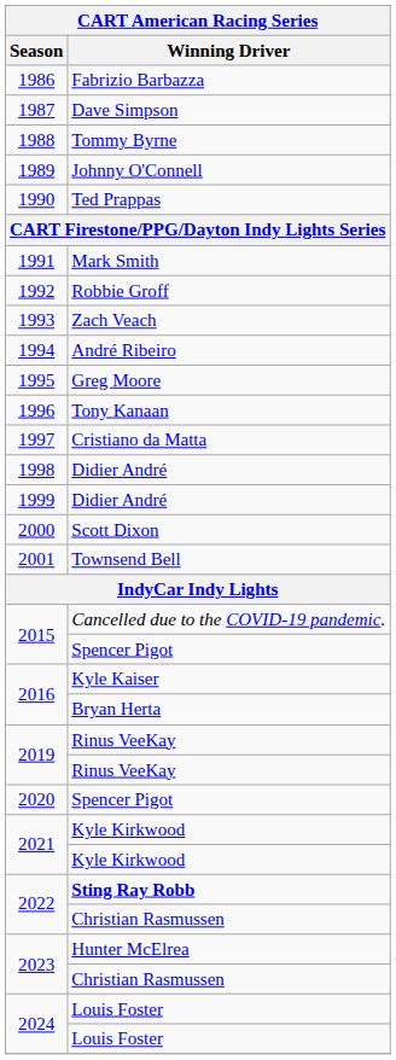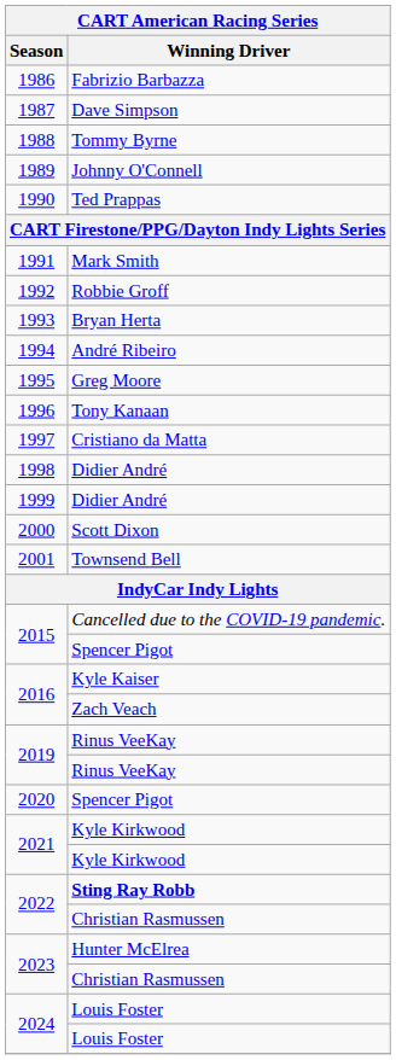 <table class="wikitable" style="font-size: 95%;">
 <tr>
 <th colspan=2><a href='#'>CART American Racing Series</a></th>
 </tr>
 <tr>
 <th>Season</th>
 <th>Winning Driver</th>
 </tr>
 <tr>
 <td style="text-align:center;"><a href='#'>1986</a></td>
 <td> <a href='#'>Fabrizio Barbazza</a></td>
 </tr>
 <tr>
 <td style="text-align:center;"><a href='#'>1987</a></td>
 <td> <a href='#'>Dave Simpson</a></td>
 </tr>
 <tr>
 <td style="text-align:center;"><a href='#'>1988</a></td>
 <td> <a href='#'>Tommy Byrne</a></td>
 </tr>
 <tr>
 <td align=center><a href='#'>1989</a></td>
 <td> <a href='#'>Johnny O'Connell</a></td>
 </tr>
 <tr>
 <td style="text-align:center;"><a href='#'>1990</a></td>
 <td> <a href='#'>Ted Prappas</a></td>
 </tr>
 <tr>
 <th colspan=2><a href='#'>CART Firestone/PPG/Dayton Indy Lights Series</a></th>
 </tr>
 <tr>
 <td style="text-align:center;"><a href='#'>1991</a></td>
 <td> <a href='#'>Mark Smith</a></td>
 </tr>
 <tr>
 <td style="text-align:center;"><a href='#'>1992</a></td>
 <td> <a href='#'>Robbie Groff</a></td>
 </tr>
 <tr>
 <td style="text-align:center;"><a href='#'>1993</a></td>
-<td> <a href='#'>Zach Veach</a></td>
+<td> <a href='#'>Bryan Herta</a></td>
 </tr>
 <tr>
 <td style="text-align:center;"><a href='#'>1994</a></td>
 <td> <a href='#'>André Ribeiro</a></td>
 </tr>
 <tr>
 <td style="text-align:center;"><a href='#'>1995</a></td>
 <td> <a href='#'>Greg Moore</a></td>
 </tr>
 <tr>
 <td style="text-align:center;"><a href='#'>1996</a></td>
 <td> <a href='#'>Tony Kanaan</a></td>
 </tr>
 <tr>
 <td style="text-align:center;"><a href='#'>1997</a></td>
 <td> <a href='#'>Cristiano da Matta</a></td>
 </tr>
 <tr>
 <td style="text-align:center;"><a href='#'>1998</a></td>
 <td> <a href='#'>Didier André</a></td>
 </tr>
 <tr>
 <td style="text-align:center;"><a href='#'>1999</a></td>
 <td> <a href='#'>Didier André</a></td>
 </tr>
 <tr>
 <td style="text-align:center;"><a href='#'>2000</a></td>
 <td> <a href='#'>Scott Dixon</a></td>
 </tr>
 <tr>
 <td style="text-align:center;"><a href='#'>2001</a></td>
 <td> <a href='#'>Townsend Bell</a></td>
 </tr>
 <tr>
 <th colspan=2><a href='#'>IndyCar Indy Lights</a></th>
 </tr>
 <tr>
 <td style="text-align:center;" rowspan=2><a href='#'>2015</a></td>
 <td style="text-align:center;"><em>Cancelled due to the <a href='#'>COVID-19 pandemic</a>.</em></td>
 </tr>
 <tr>
 <td> <a href='#'>Spencer Pigot</a></td>
 </tr>
 <tr>
 <td style="text-align:center;" rowspan=2><a href='#'>2016</a></td>
 <td> <a href='#'>Kyle Kaiser</a></td>
 </tr>
 <tr>
-<td> <a href='#'>Bryan Herta</a></td>
+<td> <a href='#'>Zach Veach</a></td>
 </tr>
 <tr>
 <td style="text-align:center;" rowspan=2><a href='#'>2019</a></td>
 <td> <a href='#'>Rinus VeeKay</a></td>
 </tr>
 <tr>
 <td> <a href='#'>Rinus VeeKay</a></td>
 </tr>
 <tr>
 <td style="text-align:center;"><a href='#'>2020</a></td>
 <td> <a href='#'>Spencer Pigot</a></td>
 </tr>
 <tr>
 <td style="text-align:center;" rowspan=2><a href='#'>2021</a></td>
 <td> <a href='#'>Kyle Kirkwood</a></td>
 </tr>
 <tr>
 <td> <a href='#'>Kyle Kirkwood</a></td>
 </tr>
 <tr>
 <td style="text-align:center;" rowspan=2><a href='#'>2022</a></td>
 <td><strong> <a href='#'>Sting Ray Robb</a></strong></td>
 </tr>
 <tr>
 <td> <a href='#'>Christian Rasmussen</a></td>
 </tr>
 <tr>
 <td style="text-align:center;" rowspan="2"><a href='#'>2023</a></td>
 <td> <a href='#'>Hunter McElrea</a></td>
 </tr>
 <tr>
 <td> <a href='#'>Christian Rasmussen</a></td>
 </tr>
 <tr>
 <td style="text-align:center;" rowspan=2><a href='#'>2024</a></td>
 <td> <a href='#'>Louis Foster</a></td>
 </tr>
 <tr>
 <td> <a href='#'>Louis Foster</a></td>
 </tr>
 <tr>
 </tr>
 </table>
